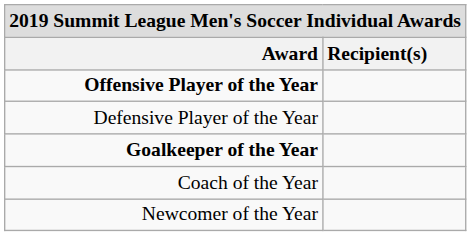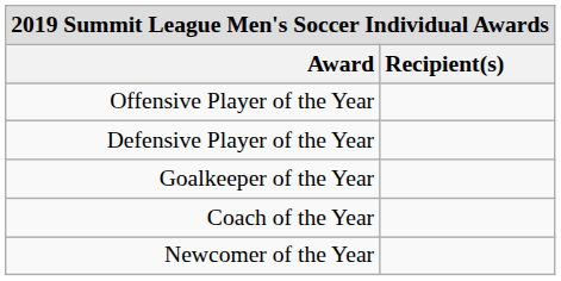 <table class="wikitable" style="white-space:nowrap; font-size:90%;">
 <tr>
 <td colspan="7" style="text-align:center; background:#ddd;"><strong>2019 Summit League Men's Soccer Individual Awards</strong></td>
 </tr>
 <tr>
 <th style="text-align:right;">Award</th>
 <th style="text-align:left;">Recipient(s)</th>
 </tr>
 <tr>
-<td style="text-align:right;"><strong>Offensive Player of the Year</strong></td>
+<td style="text-align:right;">Offensive Player of the Year</td>
 <td style="text-align:left;"></td>
 </tr>
 <tr>
 <td style="text-align:right;">Defensive Player of the Year</td>
 <td style="text-align:left;"></td>
 </tr>
 <tr>
-<td style="text-align:right;"><strong>Goalkeeper of the Year</strong></td>
+<td style="text-align:right;">Goalkeeper of the Year</td>
 <td style="text-align:left;"></td>
 </tr>
 <tr>
 <td style="text-align:right;">Coach of the Year</td>
 <td style="text-align:left;"></td>
 </tr>
 <tr>
 <td style="text-align:right;">Newcomer of the Year</td>
 <td style="text-align:left;"></td>
 </tr>
 </table>
